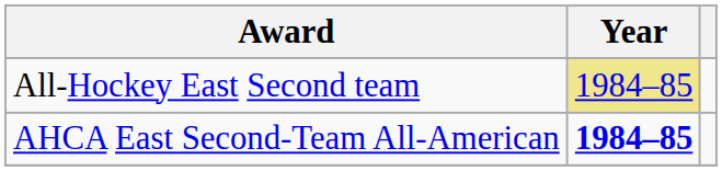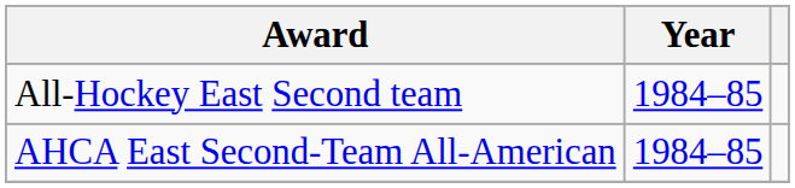 <table class="wikitable">
 <tr>
 <th>Award</th>
 <th>Year</th>
 <th></th>
 </tr>
 <tr>
 <td>All-<a href='#'>Hockey East</a> <a href='#'>Second team</a></td>
-<td style="background: khaki;"><a href='#'>1984–85</a></td>
+<td><a href='#'>1984–85</a></td>
 <td></td>
 </tr>
 <tr>
 <td><a href='#'>AHCA</a> <a href='#'>East Second-Team All-American</a></td>
-<td><strong><a href='#'>1984–85</a></strong></td>
+<td><a href='#'>1984–85</a></td>
 <td></td>
 </tr>
 <tr>
 </tr>
 </table>
